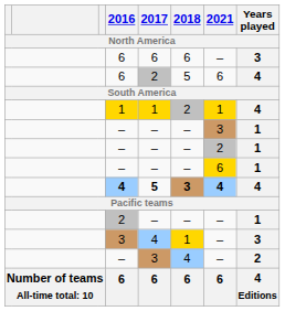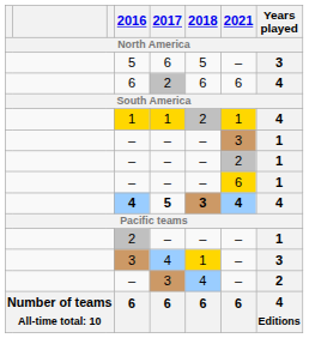 <table class="wikitable" style="text-align:center; margin-top:0.1em; margin-bottom:2.0em;">
 <tr>
 <th style="width:0.1em; border-right:1px transparent;"></th>
 <th></th>
 <th style="width:0.1em; border-left:1px transparent;"></th>
 <th><a href='#'>2016</a></th>
 <th><a href='#'>2017</a></th>
 <th><a href='#'>2018</a></th>
 <th><a href='#'>2021</a></th>
 <th style="font-size:90%;">Years<br>played</th>
 </tr>
 <tr>
 <th colspan=100% style="line-height:0.85; padding:3px; font-size:80%; color:#777;">North America</th>
 </tr>
 <tr>
 <td colspan="3" style="text-align:left;"></td>
+<td> 5</td>
 <td> 6</td>
-<td> 6</td>
-<td> 6</td>
+<td> 5</td>
 <td> –  </td>
 <th>3</th>
 </tr>
 <tr>
 <td colspan="3" style="text-align:left;"></td>
 <td> 6</td>
 <td style="background-color:#c0c0c0;">2</td>
-<td> 5</td>
+<td> 6</td>
 <td> 6  </td>
 <th>4</th>
 </tr>
 <tr>
 <th colspan=100% style="line-height:0.85; padding:3px; font-size:80%; color:#777;">South America</th>
 </tr>
 <tr>
 <td colspan="3" style="text-align:left;"></td>
 <td style="background-color:#ffd700;">1</td>
 <td style="background-color:#ffd700;">1</td>
 <td style="background-color:#c0c0c0;">2</td>
 <td style="background-color:#ffd700;">1  </td>
 <th>4</th>
 </tr>
 <tr>
 <td colspan="3" style="text-align:left;"></td>
 <td> –</td>
 <td> –</td>
 <td> –</td>
 <td style="background-color:#cc9966;">3  </td>
 <th>1</th>
 </tr>
 <tr>
 <td colspan="3" style="text-align:left;"></td>
 <td> –</td>
 <td> –</td>
 <td> –</td>
 <td style="background-color:#c0c0c0;">2  </td>
 <th>1</th>
 </tr>
 <tr>
 <td colspan="3" style="text-align:left;"></td>
 <td> –</td>
 <td> –</td>
 <td> –</td>
 <td style="background: gold;"> 6  </td>
 <th>1</th>
 </tr>
 <tr>
 <td colspan="3" style="text-align:left;"></td>
 <td style="background-color:#9acdff; font-weight:bold;">4</td>
 <td style="font-weight:bold;">5</td>
 <td style="background-color:#cc9966; font-weight:bold;">3</td>
 <td style="background-color:#9acdff; font-weight:bold;">4 </td>
 <th>4</th>
 </tr>
 <tr>
 <th colspan=100% style="line-height:0.85; padding:3px; font-size:80%; color:#777;">Pacific teams</th>
 </tr>
 <tr>
 <td colspan="3" style="text-align:left;"></td>
 <td style="background-color:#c0c0c0;">2</td>
 <td> –</td>
 <td> –</td>
 <td> –  </td>
 <th>1</th>
 </tr>
 <tr>
 <td colspan="3" style="text-align:left;"></td>
 <td style="background-color:#cc9966;">3</td>
 <td style="background-color:#9acdff;">4</td>
 <td style="background-color:#ffd700;">1</td>
 <td> –  </td>
 <th>3</th>
 </tr>
 <tr>
 <td colspan="3" style="text-align:left;"></td>
 <td> –</td>
 <td style="background-color:#cc9966;">3</td>
 <td style="background-color:#9acdff;">4</td>
 <td> –   </td>
 <th>2</th>
 </tr>
 <tr style="vertical-align:top; font-weight:600; font-size:97%; line-height:140%;">
 <th colspan="3" style="padding:2px;">Number of teams<br><span><small>All-time total: 10</small></span></th>
 <th> 6</th>
 <th> 6</th>
 <th> 6</th>
 <th> 6  </th>
 <th style="padding:2px;">4<br><span><small>Editions</small></span></th>
 </tr>
 </table>
